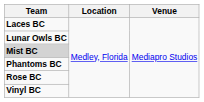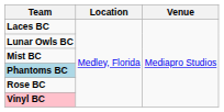 <table class="wikitable" style="font-size:85%">
 <tr>
 <th>Team</th>
 <th>Location</th>
 <th>Venue</th>
 </tr>
 <tr>
 <td><strong>Laces BC</strong></td>
 <td rowspan="6"><a href='#'>Medley, Florida</a></td>
 <td rowspan="6"><a href='#'>Mediapro Studios</a></td>
 </tr>
 <tr>
 <td><strong>Lunar Owls BC</strong></td>
 </tr>
 <tr>
-<td style="background: lightgrey;"><strong>Mist BC</strong></td>
+<td><strong>Mist BC</strong></td>
 </tr>
 <tr>
-<td><strong>Phantoms BC</strong></td>
+<td style="background: lightblue;"><strong>Phantoms BC</strong></td>
 </tr>
 <tr>
 <td><strong>Rose BC</strong></td>
 </tr>
 <tr>
-<td><strong>Vinyl BC</strong></td>
+<td style="background: pink;"><strong>Vinyl BC</strong></td>
 </tr>
 </table>
